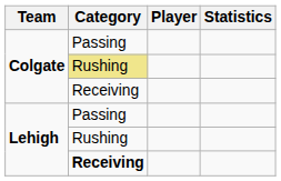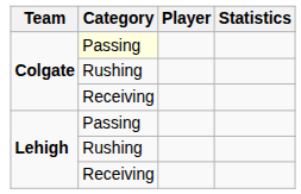 <table class="wikitable" style="float: right;">
 <tr>
 <th>Team</th>
 <th>Category</th>
 <th>Player</th>
 <th>Statistics</th>
 </tr>
 <tr>
 <td rowspan=3><strong>Colgate</strong></td>
-<td>Passing</td>
+<td style="background: lightyellow;">Passing</td>
 <td></td>
 <td></td>
 </tr>
 <tr>
-<td style="background: khaki;">Rushing</td>
+<td>Rushing</td>
 <td></td>
 <td></td>
 </tr>
 <tr>
 <td>Receiving</td>
 <td></td>
 <td></td>
 </tr>
 <tr>
 <td rowspan=3><strong>Lehigh</strong></td>
 <td>Passing</td>
 <td></td>
 <td></td>
 </tr>
 <tr>
 <td>Rushing</td>
 <td></td>
 <td></td>
 </tr>
 <tr>
-<td><strong>Receiving</strong></td>
+<td>Receiving</td>
 <td></td>
 <td></td>
 </tr>
 </table>
